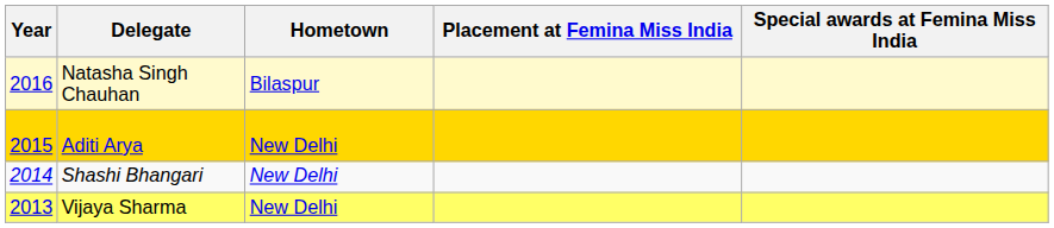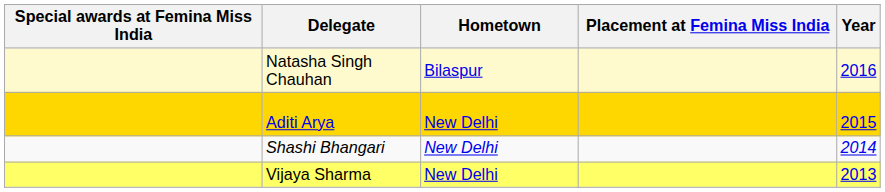 <table class="wikitable">
 <tr>
-<th>Year</th>
+<th width=250>Special awards at Femina Miss India</th>
 <th width=150>Delegate</th>
 <th width=150>Hometown</th>
 <th width=250>Placement at <a href='#'>Femina Miss India</a></th>
-<th width=250>Special awards at Femina Miss India</th>
+<th>Year</th>
 </tr>
 <tr FFFACD>
-<td style="background:#FFFACD;"><a href='#'>2016</a></td>
+<td style="background:#FFFACD;"></td>
 <td style="background:#FFFACD;">Natasha Singh Chauhan</td>
 <td style="background:#FFFACD;"><a href='#'>Bilaspur</a></td>
 <td style="background:#FFFACD;"><br></td>
-<td style="background:#FFFACD;"></td>
+<td style="background:#FFFACD;"><a href='#'>2016</a></td>
 </tr>
 <tr>
-<td style="background:gold;"><br><a href='#'>2015</a></td>
+<td style="background:gold;"><br> </td>
 <td style="background:gold;"><br><a href='#'>Aditi Arya</a></td>
 <td style="background:gold;"><br><a href='#'>New Delhi</a></td>
 <td style="background:gold;"><br></td>
-<td style="background:gold;"><br> </td>
+<td style="background:gold;"><br><a href='#'>2015</a></td>
 </tr>
 <tr>
-<td><em><a href='#'>2014</a></em></td>
+<td></td>
 <td><em>Shashi Bhangari</em></td>
 <td><em><a href='#'>New Delhi</a></em></td>
 <td></td>
-<td></td>
+<td><em><a href='#'>2014</a></em></td>
 </tr>
 <tr>
-<td style="background:#FFFF66;"><a href='#'>2013</a></td>
+<td style="background:#FFFF66;"></td>
 <td style="background:#FFFF66;">Vijaya Sharma</td>
 <td style="background:#FFFF66;"><a href='#'>New Delhi</a></td>
 <td style="background:#FFFF66;"></td>
-<td style="background:#FFFF66;"></td>
+<td style="background:#FFFF66;"><a href='#'>2013</a></td>
 </tr>
 </table>
